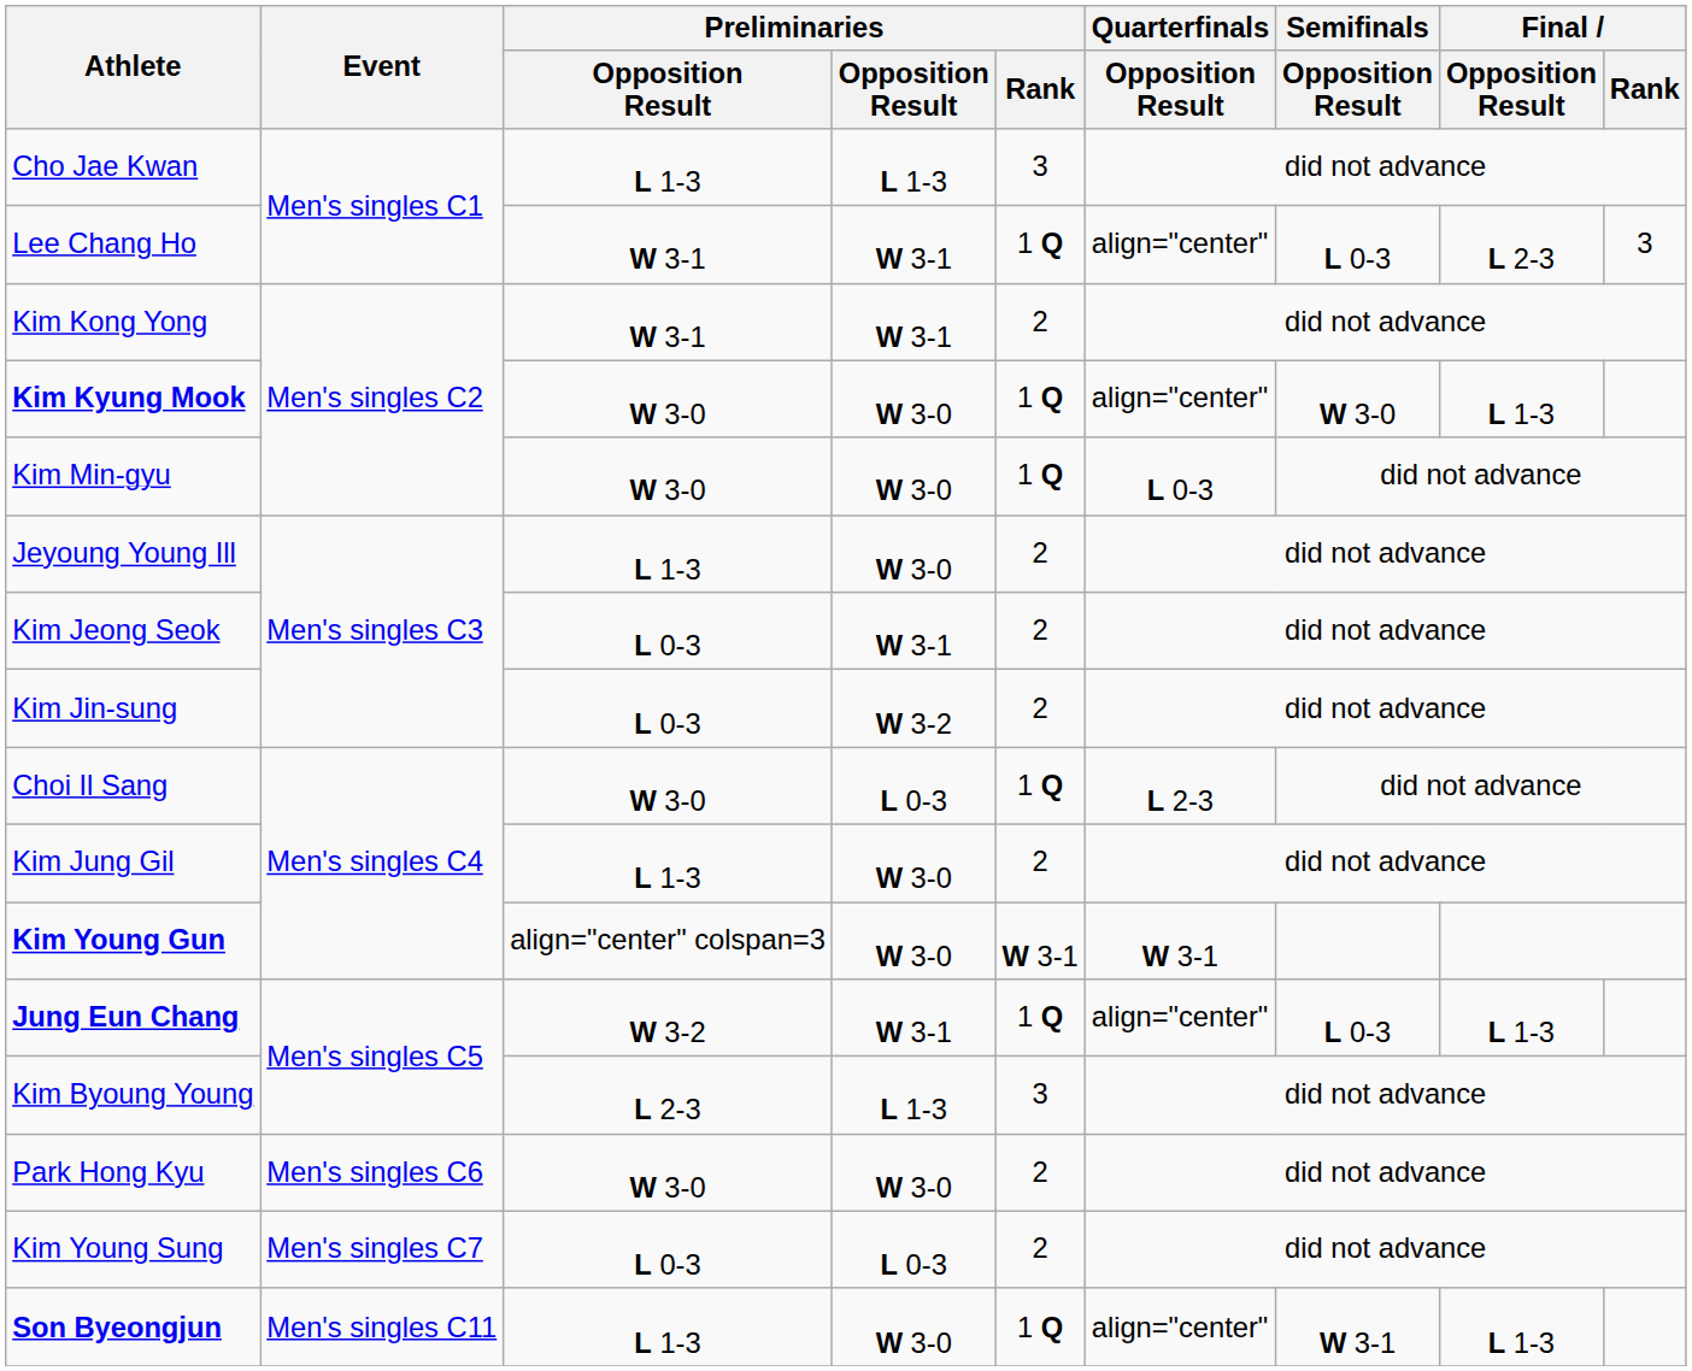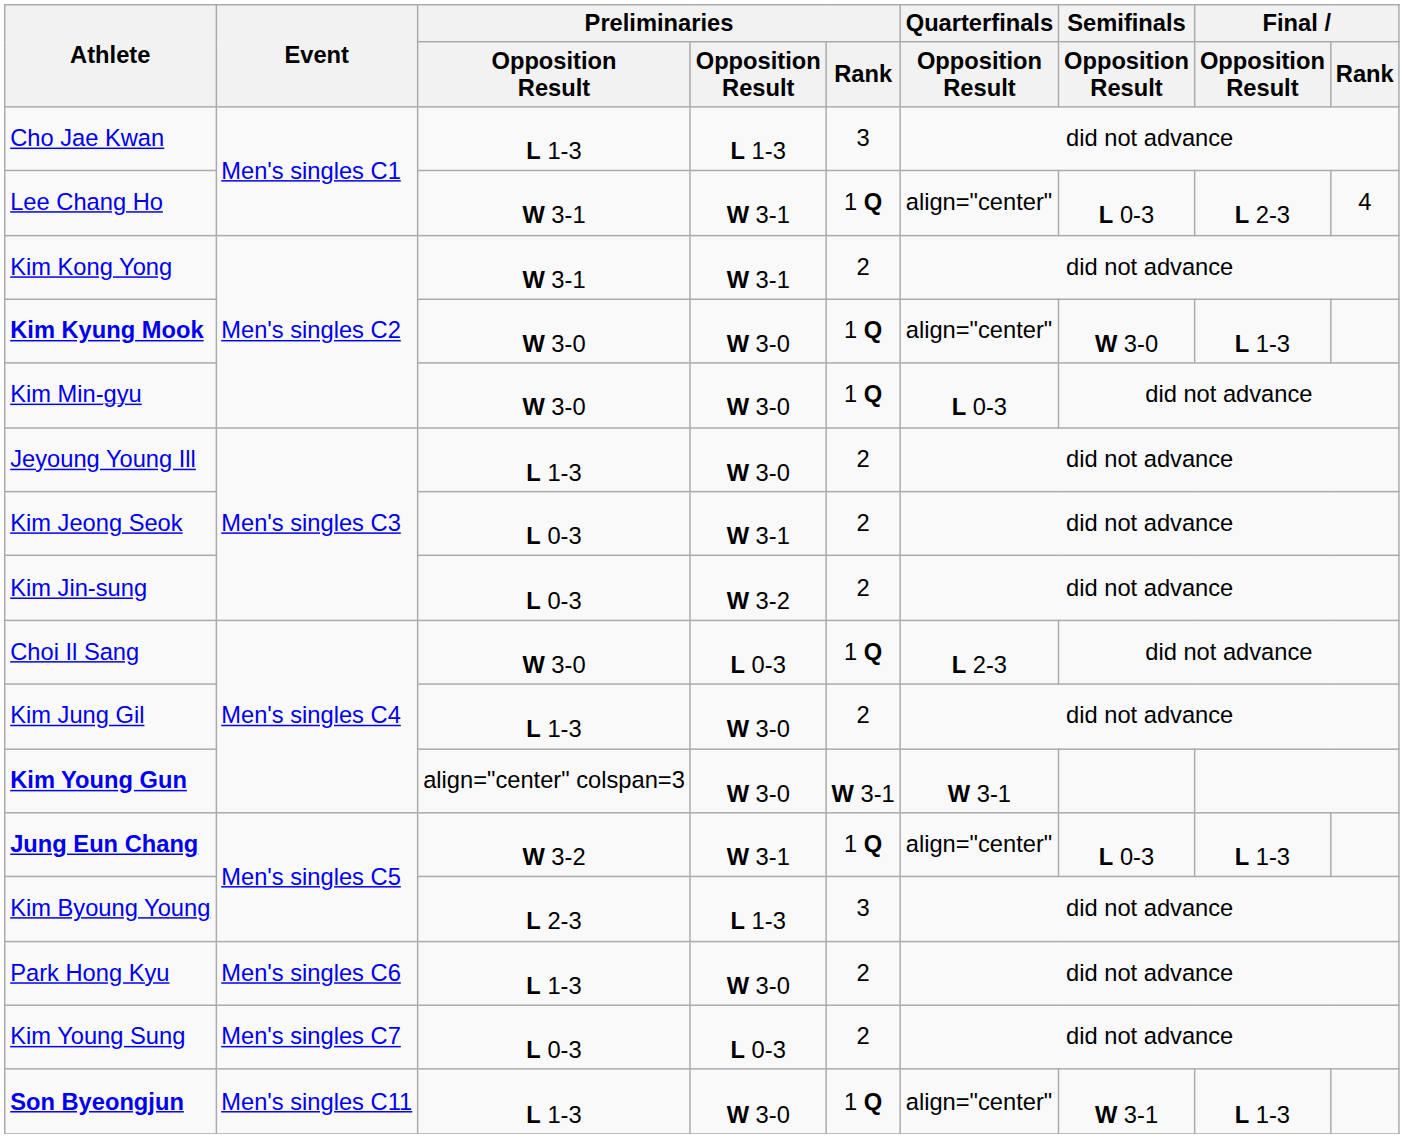 <table class=wikitable style>
 <tr>
 <th rowspan="2">Athlete</th>
 <th rowspan="2">Event</th>
 <th colspan="3">Preliminaries</th>
 <th>Quarterfinals</th>
 <th>Semifinals</th>
 <th colspan="2">Final / </th>
 </tr>
 <tr>
 <th>Opposition<br>Result</th>
 <th>Opposition<br>Result</th>
 <th>Rank</th>
 <th>Opposition<br>Result</th>
 <th>Opposition<br>Result</th>
 <th>Opposition<br>Result</th>
 <th>Rank</th>
 </tr>
 <tr>
 <td><a href='#'>Cho Jae Kwan</a></td>
 <td rowspan=2><a href='#'>Men's singles C1</a></td>
 <td align="center"><br><strong>L</strong> 1-3</td>
 <td align="center"><br><strong>L</strong> 1-3</td>
 <td align="center">3</td>
 <td align="center" colspan=4>did not advance</td>
 </tr>
 <tr>
 <td><a href='#'>Lee Chang Ho</a></td>
 <td align="center"><br><strong>W</strong> 3-1</td>
 <td align="center"><br><strong>W</strong> 3-1</td>
 <td align="center">1 <strong>Q</strong></td>
 <td>align="center" </td>
 <td align="center"><br><strong>L</strong> 0-3</td>
 <td align="center"><br><strong>L</strong> 2-3</td>
-<td align="center">3</td>
+<td align="center">4</td>
 </tr>
 <tr>
 <td><a href='#'>Kim Kong Yong</a></td>
 <td rowspan=3><a href='#'>Men's singles C2</a></td>
 <td align="center"><br><strong>W</strong> 3-1</td>
 <td align="center"><br><strong>W</strong> 3-1</td>
 <td align="center">2</td>
 <td align="center" colspan=4>did not advance</td>
 </tr>
 <tr>
 <td><strong><a href='#'>Kim Kyung Mook</a></strong></td>
 <td align="center"><br><strong>W</strong> 3-0</td>
 <td align="center"><br><strong>W</strong> 3-0</td>
 <td align="center">1 <strong>Q</strong></td>
 <td>align="center" </td>
 <td align="center"><br><strong>W</strong> 3-0</td>
 <td align="center"><br><strong>L</strong> 1-3</td>
 <td align="center"></td>
 </tr>
 <tr>
 <td><a href='#'>Kim Min-gyu</a></td>
 <td align="center"><br><strong>W</strong> 3-0</td>
 <td align="center"><br><strong>W</strong> 3-0</td>
 <td align="center">1 <strong>Q</strong></td>
 <td align="center"><br><strong>L</strong> 0-3</td>
 <td align="center" colspan=3>did not advance</td>
 </tr>
 <tr>
 <td><a href='#'>Jeyoung Young Ill</a></td>
 <td rowspan=3><a href='#'>Men's singles C3</a></td>
 <td align="center"><br><strong>L</strong> 1-3</td>
 <td align="center"><br><strong>W</strong> 3-0</td>
 <td align="center">2</td>
 <td align="center" colspan=4>did not advance</td>
 </tr>
 <tr>
 <td><a href='#'>Kim Jeong Seok</a></td>
 <td align="center"><br><strong>L</strong> 0-3</td>
 <td align="center"><br><strong>W</strong> 3-1</td>
 <td align="center">2</td>
 <td align="center" colspan=4>did not advance</td>
 </tr>
 <tr>
 <td><a href='#'>Kim Jin-sung</a></td>
 <td align="center"><br><strong>L</strong> 0-3</td>
 <td align="center"><br><strong>W</strong> 3-2</td>
 <td align="center">2</td>
 <td align="center" colspan=4>did not advance</td>
 </tr>
 <tr>
 <td><a href='#'>Choi Il Sang</a></td>
 <td rowspan=3><a href='#'>Men's singles C4</a></td>
 <td align="center"><br><strong>W</strong> 3-0</td>
 <td align="center"><br><strong>L</strong> 0-3</td>
 <td align="center">1 <strong>Q</strong></td>
 <td align="center"><br><strong>L</strong> 2-3</td>
 <td align="center" colspan=3>did not advance</td>
 </tr>
 <tr>
 <td><a href='#'>Kim Jung Gil</a></td>
 <td align="center"><br><strong>L</strong> 1-3</td>
 <td align="center"><br><strong>W</strong> 3-0</td>
 <td align="center">2</td>
 <td align="center" colspan=4>did not advance</td>
 </tr>
 <tr>
 <td><strong><a href='#'>Kim Young Gun</a></strong></td>
 <td>align="center" colspan=3 </td>
 <td align="center"><br><strong>W</strong> 3-0</td>
 <td align="center"><br><strong>W</strong> 3-1</td>
 <td align="center"><br><strong>W</strong> 3-1</td>
 <td align="center"></td>
 </tr>
 <tr>
 <td><strong><a href='#'>Jung Eun Chang</a></strong></td>
 <td rowspan=2><a href='#'>Men's singles C5</a></td>
 <td align="center"><br><strong>W</strong> 3-2</td>
 <td align="center"><br><strong>W</strong> 3-1</td>
 <td align="center">1 <strong>Q</strong></td>
 <td>align="center" </td>
 <td align="center"><br><strong>L</strong> 0-3</td>
 <td align="center"><br><strong>L</strong> 1-3</td>
 <td align="center"></td>
 </tr>
 <tr>
 <td><a href='#'>Kim Byoung Young</a></td>
 <td align="center"><br><strong>L</strong> 2-3</td>
 <td align="center"><br><strong>L</strong> 1-3</td>
 <td align="center">3</td>
 <td align="center" colspan=4>did not advance</td>
 </tr>
 <tr>
 <td><a href='#'>Park Hong Kyu</a></td>
 <td><a href='#'>Men's singles C6</a></td>
-<td align="center"><br><strong>W</strong> 3-0</td>
+<td align="center"><br><strong>L</strong> 1-3</td>
 <td align="center"><br><strong>W</strong> 3-0</td>
 <td align="center">2</td>
 <td align="center" colspan=4>did not advance</td>
 </tr>
 <tr>
 <td><a href='#'>Kim Young Sung</a></td>
 <td><a href='#'>Men's singles C7</a></td>
 <td align="center"><br><strong>L</strong> 0-3</td>
 <td align="center"><br><strong>L</strong> 0-3</td>
 <td align="center">2</td>
 <td align="center" colspan=4>did not advance</td>
 </tr>
 <tr>
 <td><strong><a href='#'>Son Byeongjun</a></strong></td>
 <td><a href='#'>Men's singles C11</a></td>
 <td align="center"><br><strong>L</strong> 1-3</td>
 <td align="center"><br><strong>W</strong> 3-0</td>
 <td align="center">1 <strong>Q</strong></td>
 <td>align="center" </td>
 <td align="center"><br><strong>W</strong> 3-1</td>
 <td align="center"><br><strong>L</strong> 1-3</td>
 <td align="center"></td>
 </tr>
 </table>
